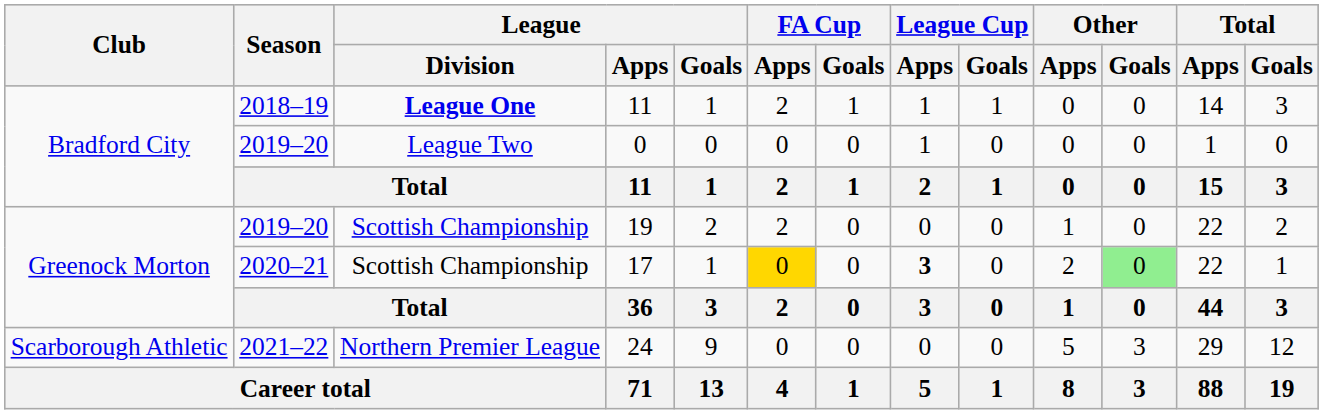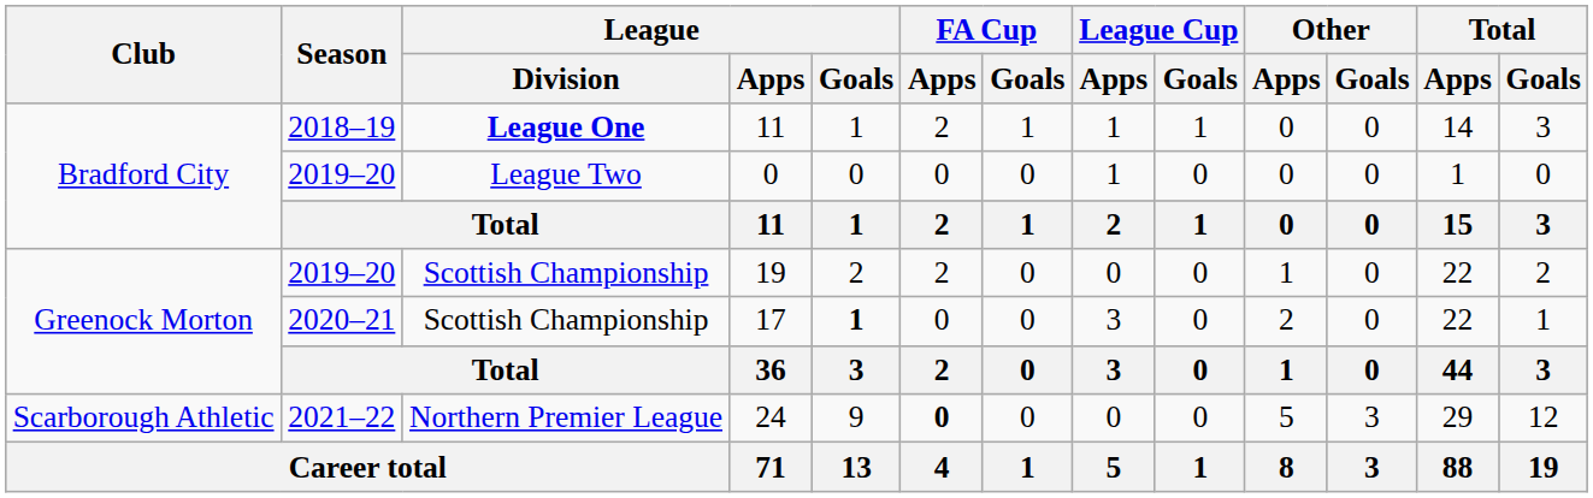 <table class=wikitable style="text-align: center">
 <tr>
 <th rowspan=2>Club</th>
 <th rowspan=2>Season</th>
 <th colspan=3>League</th>
 <th colspan=2><a href='#'>FA Cup</a></th>
 <th colspan=2><a href='#'>League Cup</a></th>
 <th colspan=2>Other</th>
 <th colspan=2>Total</th>
 </tr>
 <tr>
 <th>Division</th>
 <th>Apps</th>
 <th>Goals</th>
 <th>Apps</th>
 <th>Goals</th>
 <th>Apps</th>
 <th>Goals</th>
 <th>Apps</th>
 <th>Goals</th>
 <th>Apps</th>
 <th>Goals</th>
 </tr>
 <tr>
 <td rowspan=3><a href='#'>Bradford City</a></td>
 <td><a href='#'>2018–19</a></td>
 <td><strong><a href='#'>League One</a></strong></td>
 <td>11</td>
 <td>1</td>
 <td>2</td>
 <td>1</td>
 <td>1</td>
 <td>1</td>
 <td>0</td>
 <td>0</td>
 <td>14</td>
 <td>3</td>
 </tr>
 <tr>
 <td><a href='#'>2019–20</a></td>
 <td><a href='#'>League Two</a></td>
 <td>0</td>
 <td>0</td>
 <td>0</td>
 <td>0</td>
 <td>1</td>
 <td>0</td>
 <td>0</td>
 <td>0</td>
 <td>1</td>
 <td>0</td>
 </tr>
 <tr>
 <th colspan=2>Total</th>
 <th>11</th>
 <th>1</th>
 <th>2</th>
 <th>1</th>
 <th>2</th>
 <th>1</th>
 <th>0</th>
 <th>0</th>
 <th>15</th>
 <th>3</th>
 </tr>
 <tr>
 <td rowspan=3><a href='#'>Greenock Morton</a></td>
 <td><a href='#'>2019–20</a></td>
 <td><a href='#'>Scottish Championship</a></td>
 <td>19</td>
 <td>2</td>
 <td>2</td>
 <td>0</td>
 <td>0</td>
 <td>0</td>
 <td>1</td>
 <td>0</td>
 <td>22</td>
 <td>2</td>
 </tr>
 <tr>
 <td><a href='#'>2020–21</a></td>
 <td>Scottish Championship</td>
 <td>17</td>
-<td>1</td>
-<td style="background: gold;">0</td>
+<td><strong>1</strong></td>
 <td>0</td>
-<td><strong>3</strong></td>
+<td>0</td>
+<td>3</td>
 <td>0</td>
 <td>2</td>
-<td style="background: lightgreen;">0</td>
+<td>0</td>
 <td>22</td>
 <td>1</td>
 </tr>
 <tr>
 <th colspan=2>Total</th>
 <th>36</th>
 <th>3</th>
 <th>2</th>
 <th>0</th>
 <th>3</th>
 <th>0</th>
 <th>1</th>
 <th>0</th>
 <th>44</th>
 <th>3</th>
 </tr>
 <tr>
 <td><a href='#'>Scarborough Athletic</a></td>
 <td><a href='#'>2021–22</a></td>
 <td><a href='#'>Northern Premier League</a></td>
 <td>24</td>
 <td>9</td>
-<td>0</td>
+<td><strong>0</strong></td>
 <td>0</td>
 <td>0</td>
 <td>0</td>
 <td>5</td>
 <td>3</td>
 <td>29</td>
 <td>12</td>
 </tr>
 <tr>
 <th colspan=3>Career total</th>
 <th>71</th>
 <th>13</th>
 <th>4</th>
 <th>1</th>
 <th>5</th>
 <th>1</th>
 <th>8</th>
 <th>3</th>
 <th>88</th>
 <th>19</th>
 </tr>
 </table>
